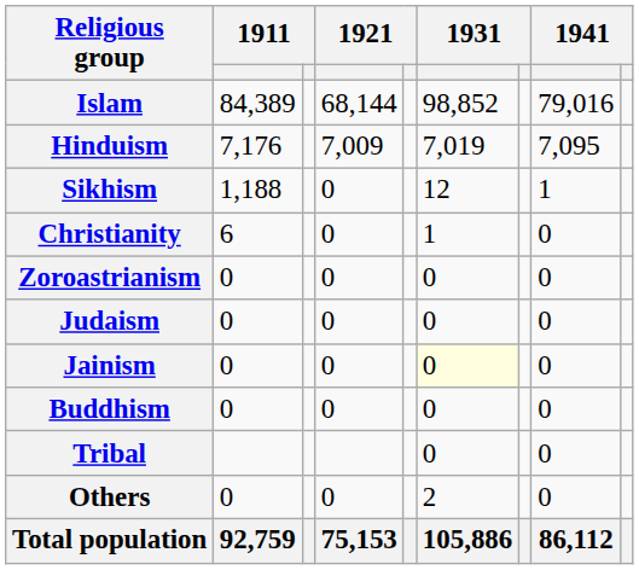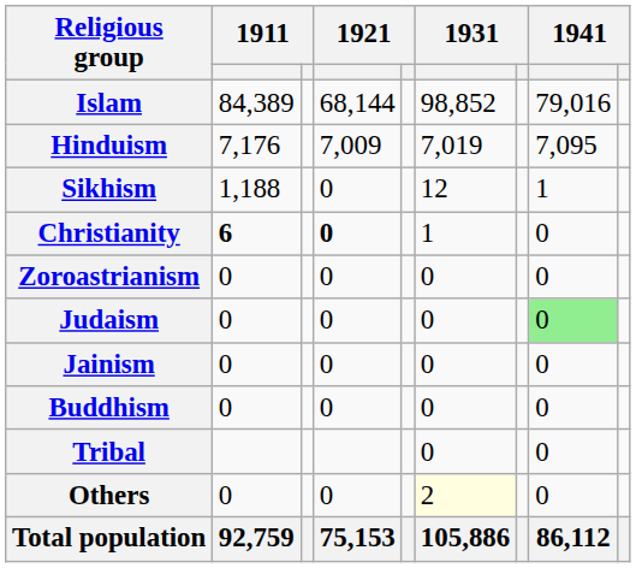 <table class="wikitable sortable">
 <tr>
 <th rowspan="2"><a href='#'>Religious</a><br>group</th>
 <th colspan="2">1911</th>
 <th colspan="2">1921</th>
 <th colspan="2">1931</th>
 <th colspan="2">1941</th>
 </tr>
 <tr>
 <th><a href='#'></a></th>
 <th></th>
 <th></th>
 <th></th>
 <th></th>
 <th></th>
 <th></th>
 <th></th>
 </tr>
 <tr>
 <th><a href='#'>Islam</a> </th>
 <td>84,389</td>
 <td></td>
 <td>68,144</td>
 <td></td>
 <td>98,852</td>
 <td></td>
 <td>79,016</td>
 <td></td>
 </tr>
 <tr>
 <th><a href='#'>Hinduism</a> </th>
 <td>7,176</td>
 <td></td>
 <td>7,009</td>
 <td></td>
 <td>7,019</td>
 <td></td>
 <td>7,095</td>
 <td></td>
 </tr>
 <tr>
 <th><a href='#'>Sikhism</a> </th>
 <td>1,188</td>
 <td></td>
 <td>0</td>
 <td></td>
 <td>12</td>
 <td></td>
 <td>1</td>
 <td></td>
 </tr>
 <tr>
 <th><a href='#'>Christianity</a> </th>
-<td>6</td>
+<td><strong>6</strong></td>
 <td></td>
-<td>0</td>
+<td><strong>0</strong></td>
 <td></td>
 <td>1</td>
 <td></td>
 <td>0</td>
 <td></td>
 </tr>
 <tr>
 <th><a href='#'>Zoroastrianism</a> </th>
 <td>0</td>
 <td></td>
 <td>0</td>
 <td></td>
 <td>0</td>
 <td></td>
 <td>0</td>
 <td></td>
 </tr>
 <tr>
 <th><a href='#'>Judaism</a> </th>
 <td>0</td>
 <td></td>
 <td>0</td>
 <td></td>
 <td>0</td>
 <td></td>
-<td>0</td>
+<td style="background: lightgreen;">0</td>
 <td></td>
 </tr>
 <tr>
 <th><a href='#'>Jainism</a> </th>
 <td>0</td>
 <td></td>
 <td>0</td>
 <td></td>
-<td style="background: lightyellow;">0</td>
+<td>0</td>
 <td></td>
 <td>0</td>
 <td></td>
 </tr>
 <tr>
 <th><a href='#'>Buddhism</a> </th>
 <td>0</td>
 <td></td>
 <td>0</td>
 <td></td>
 <td>0</td>
 <td></td>
 <td>0</td>
 <td></td>
 </tr>
 <tr>
 <th><a href='#'>Tribal</a></th>
 <td></td>
 <td></td>
 <td></td>
 <td></td>
 <td>0</td>
 <td></td>
 <td>0</td>
 <td></td>
 </tr>
 <tr>
 <th>Others</th>
 <td>0</td>
 <td></td>
 <td>0</td>
 <td></td>
-<td>2</td>
+<td style="background: lightyellow;">2</td>
 <td></td>
 <td>0</td>
 <td></td>
 </tr>
 <tr>
 <th>Total population</th>
 <th>92,759</th>
 <th></th>
 <th>75,153</th>
 <th></th>
 <th>105,886</th>
 <th></th>
 <th>86,112</th>
 <th></th>
 </tr>
 </table>
